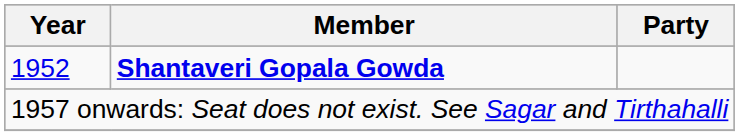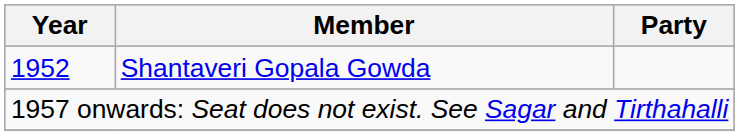 <table class="wikitable sortable">
 <tr>
 <th>Year</th>
 <th>Member</th>
 <th colspan="2">Party</th>
 </tr>
 <tr>
 <td><a href='#'>1952</a></td>
-<td><strong><a href='#'>Shantaveri Gopala Gowda</a></strong></td>
+<td><a href='#'>Shantaveri Gopala Gowda</a></td>
 <td></td>
 </tr>
 <tr>
 <td colspan="6" align="center">1957 onwards: <em>Seat does not exist. See <a href='#'>Sagar</a> and <a href='#'>Tirthahalli</a></em></td>
 </tr>
 <tr>
 </tr>
 </table>
